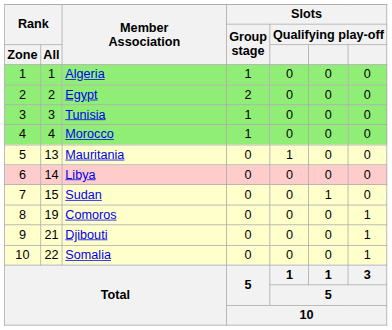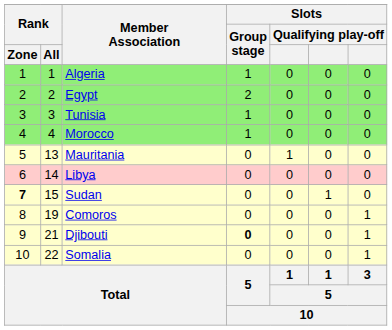 <table class="wikitable" style="text-align:center">
 <tr>
 </tr>
 <tr>
 <th colspan=2 rowspan=2>Rank</th>
 <th rowspan=3 width=200>Member<br>Association</th>
 <th colspan=4>Slots</th>
 </tr>
 <tr>
 <th rowspan=2>Group<br>stage</th>
 <th colspan=3>Qualifying play-off</th>
 </tr>
 <tr>
 <th>Zone</th>
 <th>All</th>
 <th></th>
 <th></th>
 <th></th>
 </tr>
 <tr bgcolor=#90ee77>
 <td>1</td>
 <td>1</td>
 <td align=left> <a href='#'>Algeria</a></td>
 <td>1</td>
 <td>0</td>
 <td>0</td>
 <td>0</td>
 </tr>
 <tr bgcolor=#90ee77>
 <td>2</td>
 <td>2</td>
 <td align=left> <a href='#'>Egypt</a></td>
 <td>2</td>
 <td>0</td>
 <td>0</td>
 <td>0</td>
 </tr>
 <tr bgcolor=#90ee77>
 <td>3</td>
 <td>3</td>
 <td align=left> <a href='#'>Tunisia</a></td>
 <td>1</td>
 <td>0</td>
 <td>0</td>
 <td>0</td>
 </tr>
 <tr bgcolor=#90ee77>
 <td>4</td>
 <td>4</td>
 <td align=left> <a href='#'>Morocco</a></td>
 <td>1</td>
 <td>0</td>
 <td>0</td>
 <td>0</td>
 </tr>
 <tr bgcolor=#ffffcc>
 <td>5</td>
 <td>13</td>
 <td align=left> <a href='#'>Mauritania</a></td>
 <td>0</td>
 <td>1</td>
 <td>0</td>
 <td>0</td>
 </tr>
 <tr bgcolor=#ffcccc>
 <td>6</td>
 <td>14</td>
 <td align=left> <a href='#'>Libya</a></td>
 <td>0</td>
 <td>0</td>
 <td>0</td>
 <td>0</td>
 </tr>
 <tr bgcolor=#ffffcc>
-<td>7</td>
+<td><strong>7</strong></td>
 <td>15</td>
 <td align=left> <a href='#'>Sudan</a></td>
 <td>0</td>
 <td>0</td>
 <td>1</td>
 <td>0</td>
 </tr>
 <tr bgcolor=#ffffcc>
 <td>8</td>
 <td>19</td>
 <td align=left> <a href='#'>Comoros</a></td>
 <td>0</td>
 <td>0</td>
 <td>0</td>
 <td>1</td>
 </tr>
 <tr bgcolor=#ffffcc>
 <td>9</td>
 <td>21</td>
 <td align=left> <a href='#'>Djibouti</a></td>
-<td>0</td>
+<td><strong>0</strong></td>
 <td>0</td>
 <td>0</td>
 <td>1</td>
 </tr>
 <tr bgcolor=#ffffcc>
 <td>10</td>
 <td>22</td>
 <td align=left> <a href='#'>Somalia</a></td>
 <td>0</td>
 <td>0</td>
 <td>0</td>
 <td>1</td>
 </tr>
 <tr>
 <th colspan=3 rowspan=3>Total</th>
 <th rowspan=2>5</th>
 <th>1</th>
 <th>1</th>
 <th>3</th>
 </tr>
 <tr>
 <th colspan=3>5</th>
 </tr>
 <tr>
 <th colspan=4>10</th>
 </tr>
 </table>
